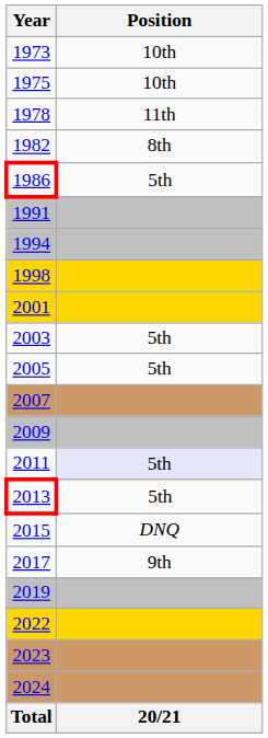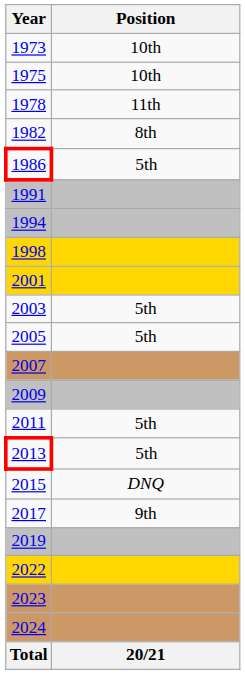 <table class="wikitable" style="text-align: center; font-size:90%;">
 <tr>
 <th>Year</th>
 <th width="150">Position</th>
 </tr>
 <tr>
 <td> <a href='#'>1973</a></td>
 <td>10th</td>
 </tr>
 <tr>
 <td> <a href='#'>1975</a></td>
 <td>10th</td>
 </tr>
 <tr>
 <td> <a href='#'>1978</a></td>
 <td>11th</td>
 </tr>
 <tr>
 <td> <a href='#'>1982</a></td>
 <td>8th</td>
 </tr>
 <tr>
 <td style="border: 3px solid red"> <a href='#'>1986</a></td>
 <td>5th</td>
 </tr>
 <tr bgcolor=silver>
 <td> <a href='#'>1991</a></td>
 <td></td>
 </tr>
 <tr bgcolor=silver>
 <td> <a href='#'>1994</a></td>
 <td></td>
 </tr>
 <tr bgcolor=gold>
 <td> <a href='#'>1998</a></td>
 <td></td>
 </tr>
 <tr bgcolor=gold>
 <td> <a href='#'>2001</a></td>
 <td></td>
 </tr>
 <tr>
 <td> <a href='#'>2003</a></td>
 <td>5th</td>
 </tr>
 <tr>
 <td> <a href='#'>2005</a></td>
 <td>5th</td>
 </tr>
 <tr bgcolor=cc9966>
 <td> <a href='#'>2007</a></td>
 <td></td>
 </tr>
 <tr bgcolor=silver>
 <td> <a href='#'>2009</a></td>
 <td></td>
 </tr>
 <tr>
 <td> <a href='#'>2011</a></td>
-<td style="background: lavender;">5th</td>
+<td>5th</td>
 </tr>
 <tr>
 <td style="border: 3px solid red"> <a href='#'>2013</a></td>
 <td>5th</td>
 </tr>
 <tr>
 <td> <a href='#'>2015</a></td>
 <td><em>DNQ</em></td>
 </tr>
 <tr>
 <td> <a href='#'>2017</a></td>
 <td>9th</td>
 </tr>
 <tr bgcolor=silver>
 <td> <a href='#'>2019</a></td>
 <td></td>
 </tr>
 <tr bgcolor=gold>
 <td> <a href='#'>2022</a></td>
 <td></td>
 </tr>
 <tr bgcolor=cc9966>
 <td> <a href='#'>2023</a></td>
 <td></td>
 </tr>
 <tr bgcolor=cc9966>
 <td> <a href='#'>2024</a></td>
 <td></td>
 </tr>
 <tr>
 <th>Total</th>
 <th>20/21</th>
 </tr>
 </table>
